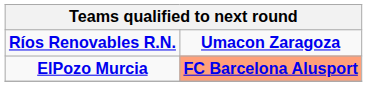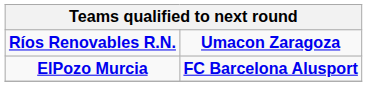 <table class="wikitable" style="text-align: center; margin: 0 auto;">
 <tr>
 <th colspan=4>Teams qualified to next round</th>
 </tr>
 <tr>
 <td><strong><a href='#'>Ríos Renovables R.N.</a></strong></td>
 <td><strong><a href='#'>Umacon Zaragoza</a></strong></td>
 </tr>
 <tr>
 <td><strong><a href='#'>ElPozo Murcia</a></strong></td>
-<td style="background: lightsalmon;"><strong><a href='#'>FC Barcelona Alusport</a></strong></td>
+<td><strong><a href='#'>FC Barcelona Alusport</a></strong></td>
 </tr>
 <tr>
 </tr>
 </table>
